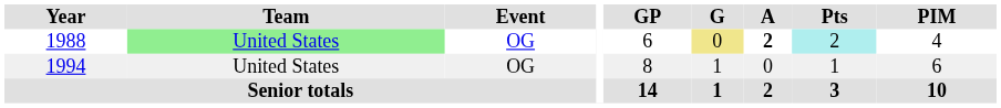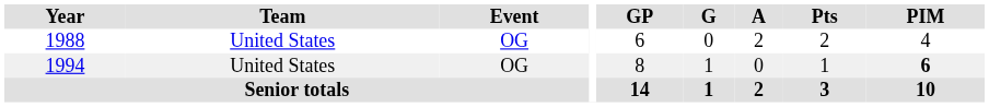 <table border="0" cellpadding="1" cellspacing="0" style="text-align:center; width:50em;">
 <tr bgcolor="#e0e0e0">
 <th>Year</th>
 <th>Team</th>
 <th>Event</th>
 <th rowspan="99" bgcolor="#ffffff"></th>
 <th>GP</th>
 <th>G</th>
 <th>A</th>
 <th>Pts</th>
 <th>PIM</th>
 </tr>
 <tr>
 <td><a href='#'>1988</a></td>
-<td style="background: lightgreen;"><a href='#'>United States</a></td>
+<td><a href='#'>United States</a></td>
 <td><a href='#'>OG</a></td>
 <td>6</td>
-<td style="background: khaki;">0</td>
-<td><strong>2</strong></td>
-<td style="background: paleturquoise;">2</td>
+<td>0</td>
+<td>2</td>
+<td>2</td>
 <td>4</td>
 </tr>
 <tr bgcolor="#f0f0f0">
 <td><a href='#'>1994</a></td>
 <td>United States</td>
 <td>OG</td>
 <td>8</td>
 <td>1</td>
 <td>0</td>
 <td>1</td>
-<td>6</td>
+<td><strong>6</strong></td>
 </tr>
 <tr bgcolor="#e0e0e0">
 <th colspan="3">Senior totals</th>
 <th>14</th>
 <th>1</th>
 <th>2</th>
 <th>3</th>
 <th>10</th>
 </tr>
 </table>
